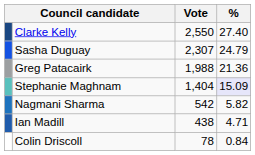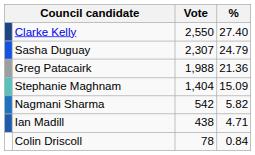 <table class="wikitable">
 <tr>
 <th bgcolor="#DDDDFF" width="230px" colspan="2">Council candidate</th>
 <th bgcolor="#DDDDFF" width="50px">Vote</th>
 <th bgcolor="#DDDDFF" width="30px">%</th>
 </tr>
 <tr>
 <td style="background-color:#1A4782;"></td>
 <td style="text-align:left;"><a href='#'>Clarke Kelly</a></td>
 <td style="text-align:right;">2,550</td>
 <td style="text-align:right;">27.40</td>
 </tr>
 <tr>
 <td style="background-color:#1452E2;"></td>
 <td style="text-align:left;">Sasha Duguay</td>
 <td style="text-align:right;">2,307</td>
 <td style="text-align:right;">24.79</td>
 </tr>
 <tr>
 <td style="background-color:#9C9FA1;"></td>
 <td style="text-align:left;">Greg Patacairk</td>
 <td style="text-align:right;">1,988</td>
 <td style="text-align:right;">21.36</td>
 </tr>
 <tr>
 <td style="background-color:#59c1bd;"></td>
 <td style="text-align:left;">Stephanie Maghnam</td>
 <td style="text-align:right;">1,404</td>
-<td style="background: lavender; text-align:right;">15.09</td>
+<td style="text-align:right;">15.09</td>
 </tr>
 <tr>
 <td style="background-color:#1E73BE;"></td>
 <td style="text-align:left;">Nagmani Sharma</td>
 <td style="text-align:right;">542</td>
 <td style="text-align:right;">5.82</td>
 </tr>
 <tr>
 <td style="background-color:#205cac;"></td>
 <td style="text-align:left;">Ian Madill</td>
 <td style="text-align:right;">438</td>
 <td style="text-align:right;">4.71</td>
 </tr>
 <tr>
 <td style="background-color:#FFFFFF;"></td>
 <td style="text-align:left;">Colin Driscoll</td>
 <td style="text-align:right;">78</td>
 <td style="text-align:right;">0.84</td>
 </tr>
 </table>
